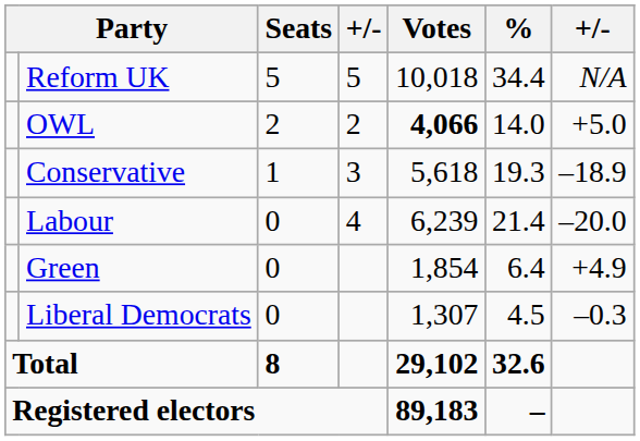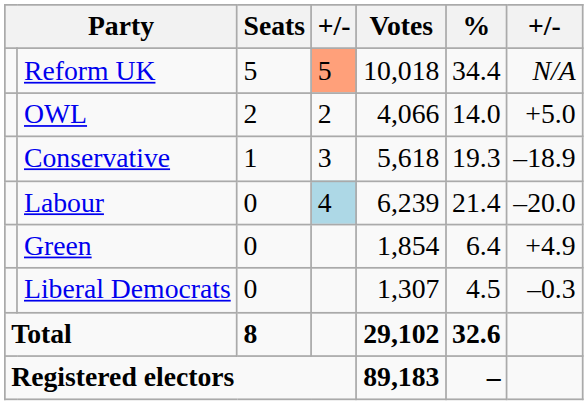 <table class="wikitable sortable">
 <tr>
 <th colspan="2">Party</th>
 <th>Seats</th>
 <th>+/-</th>
 <th>Votes</th>
 <th>%</th>
 <th>+/-</th>
 </tr>
 <tr>
 <td style="background-color: "></td>
 <td><a href='#'>Reform UK</a></td>
 <td>5</td>
-<td> 5</td>
+<td style="background: lightsalmon;"> 5</td>
 <td style="text-align:right;">10,018</td>
 <td style="text-align:right;">34.4</td>
 <td style="text-align:right;"><em>N/A</em></td>
 </tr>
 <tr>
 <td style="background-color: "></td>
 <td><a href='#'>OWL</a></td>
 <td>2</td>
 <td> 2</td>
-<td style="text-align:right;"><strong>4,066</strong></td>
+<td style="text-align:right;">4,066</td>
 <td style="text-align:right;">14.0</td>
 <td style="text-align:right;">+5.0</td>
 </tr>
 <tr>
 <td style="background-color: "></td>
 <td><a href='#'>Conservative</a></td>
 <td>1</td>
 <td> 3</td>
 <td style="text-align:right;">5,618</td>
 <td style="text-align:right;">19.3</td>
 <td style="text-align:right;">–18.9</td>
 </tr>
 <tr>
 <td style="background-color: "></td>
 <td><a href='#'>Labour</a></td>
 <td>0</td>
-<td> 4</td>
+<td style="background: lightblue;"> 4</td>
 <td style="text-align:right;">6,239</td>
 <td style="text-align:right;">21.4</td>
 <td style="text-align:right;">–20.0</td>
 </tr>
 <tr>
 <td style="background-color: "></td>
 <td><a href='#'>Green</a></td>
 <td>0</td>
 <td></td>
 <td style="text-align:right;">1,854</td>
 <td style="text-align:right;">6.4</td>
 <td style="text-align:right;">+4.9</td>
 </tr>
 <tr>
 <td style="background-color: "></td>
 <td><a href='#'>Liberal Democrats</a></td>
 <td>0</td>
 <td></td>
 <td style="text-align:right;">1,307</td>
 <td style="text-align:right;">4.5</td>
 <td style="text-align:right;">–0.3</td>
 </tr>
 <tr>
 <td colspan="2"><strong>Total</strong></td>
 <td><strong>8</strong></td>
 <td></td>
 <td style="text-align:right;"><strong>29,102</strong></td>
 <td style="text-align:right;"><strong>32.6</strong></td>
 <td style="text-align:right;"></td>
 </tr>
 <tr>
 <td colspan="4"><strong>Registered electors</strong></td>
 <td style="text-align:right;"><strong>89,183</strong></td>
 <td style="text-align:right;"><strong>–</strong></td>
 <td style="text-align:right;"></td>
 </tr>
 </table>
